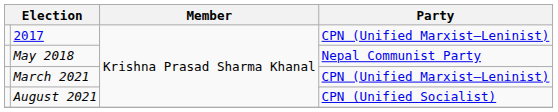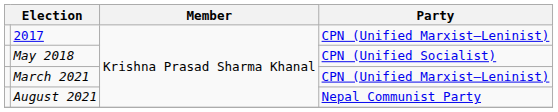 <table class="wikitable">
 <tr>
 <th colspan="2">Election</th>
 <th>Member</th>
 <th>Party</th>
 </tr>
 <tr>
 <td style="background-color:"></td>
 <td><a href='#'>2017</a></td>
 <td rowspan="4">Krishna Prasad Sharma Khanal</td>
 <td><a href='#'>CPN (Unified Marxist–Leninist)</a></td>
 </tr>
 <tr>
 <td style="background-color:"></td>
 <td><em>May 2018</em></td>
-<td><a href='#'>Nepal Communist Party</a></td>
+<td><a href='#'>CPN (Unified Socialist)</a></td>
 </tr>
 <tr>
 <td style="background-color:"></td>
 <td><em>March 2021</em></td>
 <td><a href='#'>CPN (Unified Marxist–Leninist)</a></td>
 </tr>
 <tr>
 <td style="background-color:"></td>
 <td><em>August 2021</em></td>
-<td><a href='#'>CPN (Unified Socialist)</a></td>
+<td><a href='#'>Nepal Communist Party</a></td>
 </tr>
 <tr>
 </tr>
 </table>
